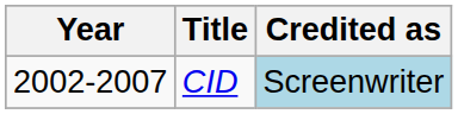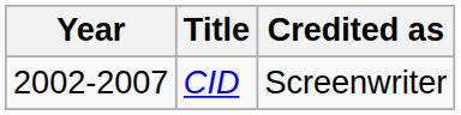 <table class="wikitable">
 <tr>
 <th>Year</th>
 <th colspan="3">Title</th>
 <th>Credited as</th>
 </tr>
 <tr>
 <td>2002-2007</td>
 <td colspan="3"><a href='#'><em>CID</em></a></td>
-<td style="background: lightblue;">Screenwriter</td>
+<td>Screenwriter</td>
 </tr>
 </table>
